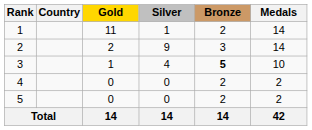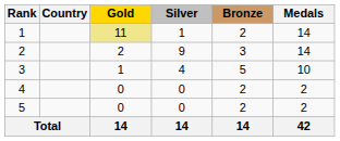 <table class="wikitable">
 <tr>
 <th>Rank</th>
 <th>Country</th>
 <th style="background:#FFD700;" width="75">Gold</th>
 <th style="background:#C0C0C0;" width="75">Silver</th>
 <th style="background:#CC9966;" width="75">Bronze</th>
 <th width="75">Medals</th>
 </tr>
 <tr align=center>
 <td>1</td>
 <td align=left></td>
-<td>11</td>
+<td style="background: khaki;">11</td>
 <td>1</td>
 <td>2</td>
 <td>14</td>
 </tr>
 <tr align=center>
 <td>2</td>
 <td align=left></td>
 <td>2</td>
 <td>9</td>
 <td>3</td>
 <td>14</td>
 </tr>
 <tr align=center>
 <td>3</td>
 <td align=left></td>
 <td>1</td>
 <td>4</td>
-<td><strong>5</strong></td>
+<td>5</td>
 <td>10</td>
 </tr>
 <tr align=center>
 <td>4</td>
 <td align=left></td>
 <td>0</td>
 <td>0</td>
 <td>2</td>
 <td>2</td>
 </tr>
 <tr align=center>
 <td>5</td>
 <td align=left></td>
 <td>0</td>
 <td>0</td>
 <td>2</td>
 <td>2</td>
 </tr>
 <tr>
 <th colspan=2>Total</th>
 <th>14</th>
 <th>14</th>
 <th>14</th>
 <th>42</th>
 </tr>
 </table>
